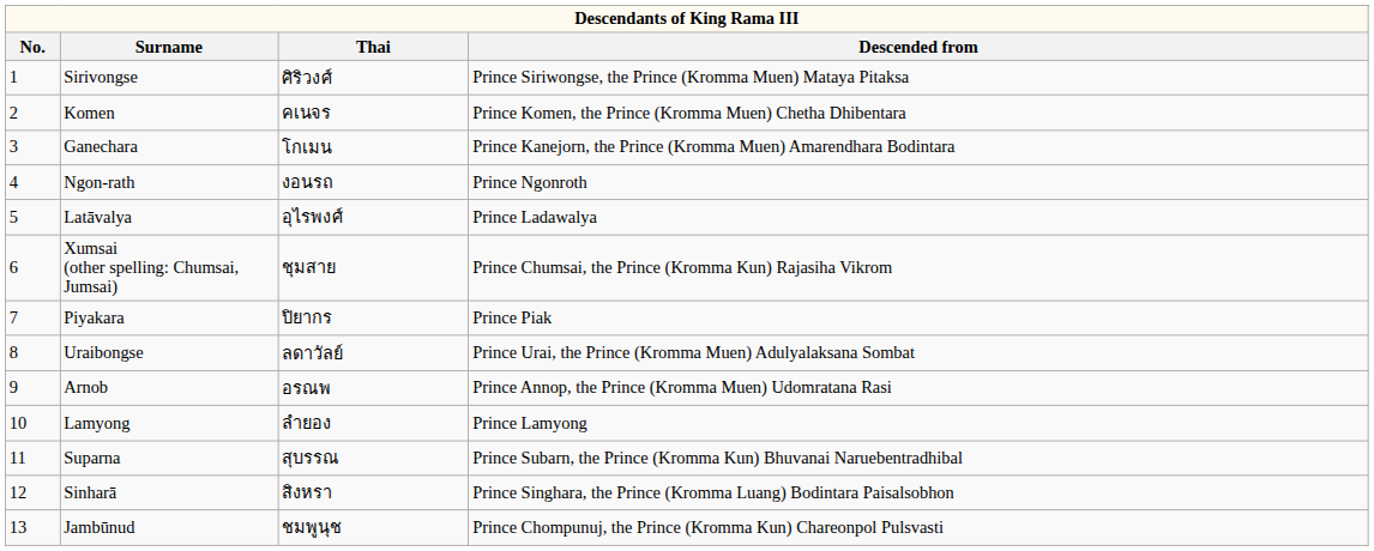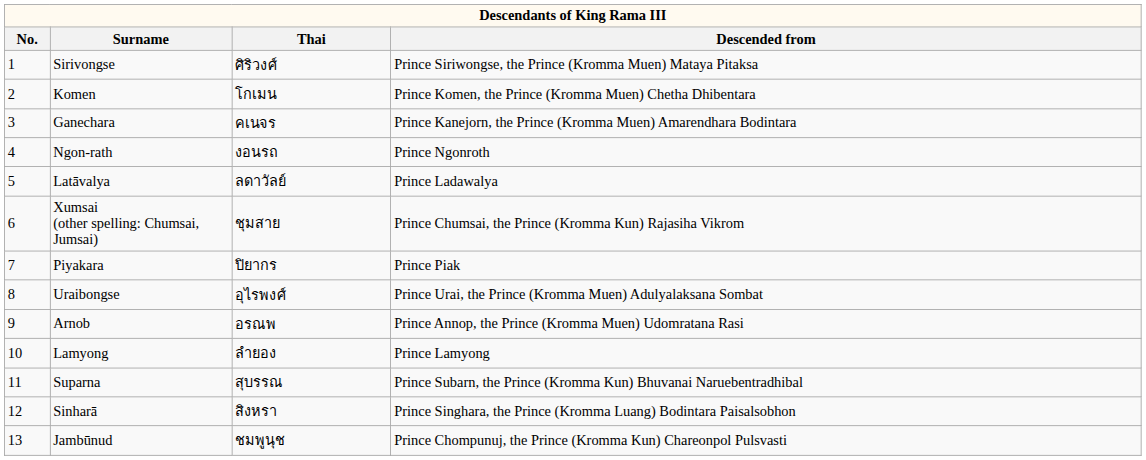 <table class="wikitable collapsible collapsed" style="width:100%;">
 <tr>
 <th style="align: center; background: #fffaf0;" colspan="4"><strong>Descendants of King Rama III</strong></th>
 </tr>
 <tr>
 <th style="width:4%;">No.</th>
 <th style="width:16%;">Surname</th>
 <th style="width:14%;">Thai</th>
 <th style="width:66%;">Descended from</th>
 </tr>
 <tr>
 <td>1</td>
 <td>Sirivongse</td>
 <td>ศิริวงศ์</td>
 <td>Prince Siriwongse, the Prince (Kromma Muen) Mataya Pitaksa</td>
 </tr>
 <tr>
 <td>2</td>
 <td>Komen</td>
-<td>คเนจร</td>
+<td>โกเมน</td>
 <td>Prince Komen, the Prince (Kromma Muen) Chetha Dhibentara</td>
 </tr>
 <tr>
 <td>3</td>
 <td>Ganechara</td>
-<td>โกเมน</td>
+<td>คเนจร</td>
 <td>Prince Kanejorn, the Prince (Kromma Muen) Amarendhara Bodintara</td>
 </tr>
 <tr>
 <td>4</td>
 <td>Ngon-rath</td>
 <td>งอนรถ</td>
 <td>Prince Ngonroth</td>
 </tr>
 <tr>
 <td>5</td>
 <td>Latāvalya</td>
-<td>อุไรพงศ์</td>
+<td>ลดาวัลย์</td>
 <td>Prince Ladawalya</td>
 </tr>
 <tr>
 <td>6</td>
 <td>Xumsai <br> (other spelling: Chumsai, Jumsai)</td>
 <td>ชุมสาย</td>
 <td>Prince Chumsai, the Prince (Kromma Kun) Rajasiha Vikrom</td>
 </tr>
 <tr>
 <td>7</td>
 <td>Piyakara</td>
 <td>ปิยากร</td>
 <td>Prince Piak</td>
 </tr>
 <tr>
 <td>8</td>
 <td>Uraibongse</td>
-<td>ลดาวัลย์</td>
+<td>อุไรพงศ์</td>
 <td>Prince Urai, the Prince (Kromma Muen) Adulyalaksana Sombat</td>
 </tr>
 <tr>
 <td>9</td>
 <td>Arnob</td>
 <td>อรณพ</td>
 <td>Prince Annop, the Prince (Kromma Muen) Udomratana Rasi</td>
 </tr>
 <tr>
 <td>10</td>
 <td>Lamyong</td>
 <td>ลำยอง</td>
 <td>Prince Lamyong</td>
 </tr>
 <tr>
 <td>11</td>
 <td>Suparna</td>
 <td>สุบรรณ</td>
 <td>Prince Subarn, the Prince (Kromma Kun) Bhuvanai Naruebentradhibal</td>
 </tr>
 <tr>
 <td>12</td>
 <td>Sinharā</td>
 <td>สิงหรา</td>
 <td>Prince Singhara, the Prince (Kromma Luang) Bodintara Paisalsobhon</td>
 </tr>
 <tr>
 <td>13</td>
 <td>Jambūnud</td>
 <td>ชมพูนุช</td>
 <td>Prince Chompunuj, the Prince (Kromma Kun) Chareonpol Pulsvasti</td>
 </tr>
 </table>
